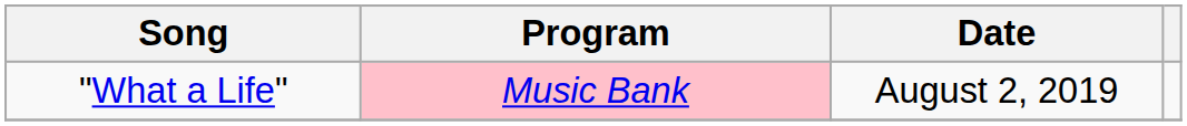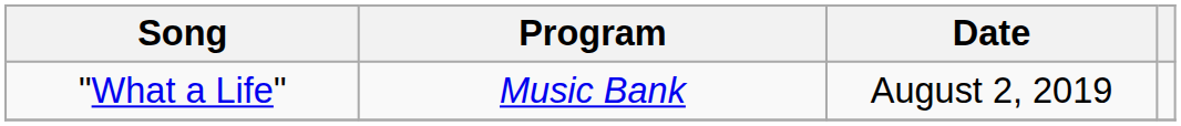 <table class="wikitable" style="text-align:center">
 <tr>
 <th width="150">Song</th>
 <th width="200">Program</th>
 <th width="140">Date</th>
 <th></th>
 </tr>
 <tr>
 <td>"<a href='#'>What a Life</a>"</td>
-<td style="background: pink;"><em><a href='#'>Music Bank</a></em></td>
+<td><em><a href='#'>Music Bank</a></em></td>
 <td>August 2, 2019</td>
 <td></td>
 </tr>
 <tr>
 </tr>
 </table>
